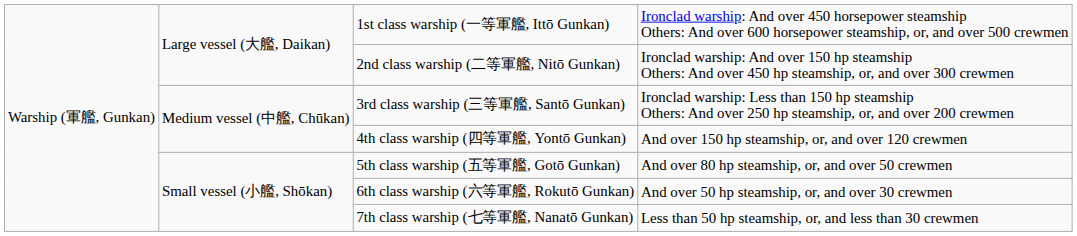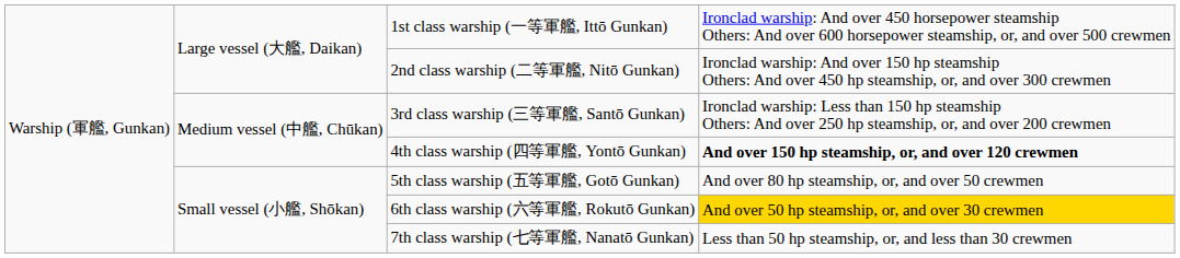 <table class="wikitable">
 <tr>
 <td rowspan="7">Warship (軍艦, Gunkan)</td>
 <td rowspan="2">Large vessel (大艦, Daikan)</td>
 <td>1st class warship (一等軍艦, Ittō Gunkan)</td>
 <td><a href='#'>Ironclad warship</a>: And over 450 horsepower steamship<br>Others: And over 600 horsepower steamship, or, and over 500 crewmen</td>
 </tr>
 <tr>
 <td>2nd class warship (二等軍艦, Nitō Gunkan)</td>
 <td>Ironclad warship: And over 150 hp steamship<br>Others: And over 450 hp steamship, or, and over 300 crewmen</td>
 </tr>
 <tr>
 <td rowspan="2">Medium vessel (中艦, Chūkan)</td>
 <td>3rd class warship (三等軍艦, Santō Gunkan)</td>
 <td>Ironclad warship: Less than 150 hp steamship<br>Others: And over 250 hp steamship, or, and over 200 crewmen</td>
 </tr>
 <tr>
 <td>4th class warship (四等軍艦, Yontō Gunkan)</td>
-<td>And over 150 hp steamship, or, and over 120 crewmen</td>
+<td><strong>And over 150 hp steamship, or, and over 120 crewmen</strong></td>
 </tr>
 <tr>
 <td rowspan="3">Small vessel (小艦, Shōkan)</td>
 <td>5th class warship (五等軍艦, Gotō Gunkan)</td>
 <td>And over 80 hp steamship, or, and over 50 crewmen</td>
 </tr>
 <tr>
 <td>6th class warship (六等軍艦, Rokutō Gunkan)</td>
-<td>And over 50 hp steamship, or, and over 30 crewmen</td>
+<td style="background: gold;">And over 50 hp steamship, or, and over 30 crewmen</td>
 </tr>
 <tr>
 <td>7th class warship (七等軍艦, Nanatō Gunkan)</td>
 <td>Less than 50 hp steamship, or, and less than 30 crewmen</td>
 </tr>
 </table>
